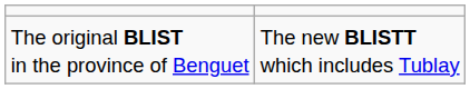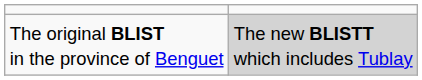 <table class="wikitable">
 <tr>
 <td></td>
 <td></td>
 </tr>
 <tr>
 <td><small>The original <strong>BLIST</strong></small><br><small>in the province of <a href='#'>Benguet</a></small></td>
-<td><small>The new <strong>BLISTT</strong></small><br><small>which includes <a href='#'>Tublay</a></small></td>
+<td style="background: lightgrey;"><small>The new <strong>BLISTT</strong></small><br><small>which includes <a href='#'>Tublay</a></small></td>
 </tr>
 </table>
